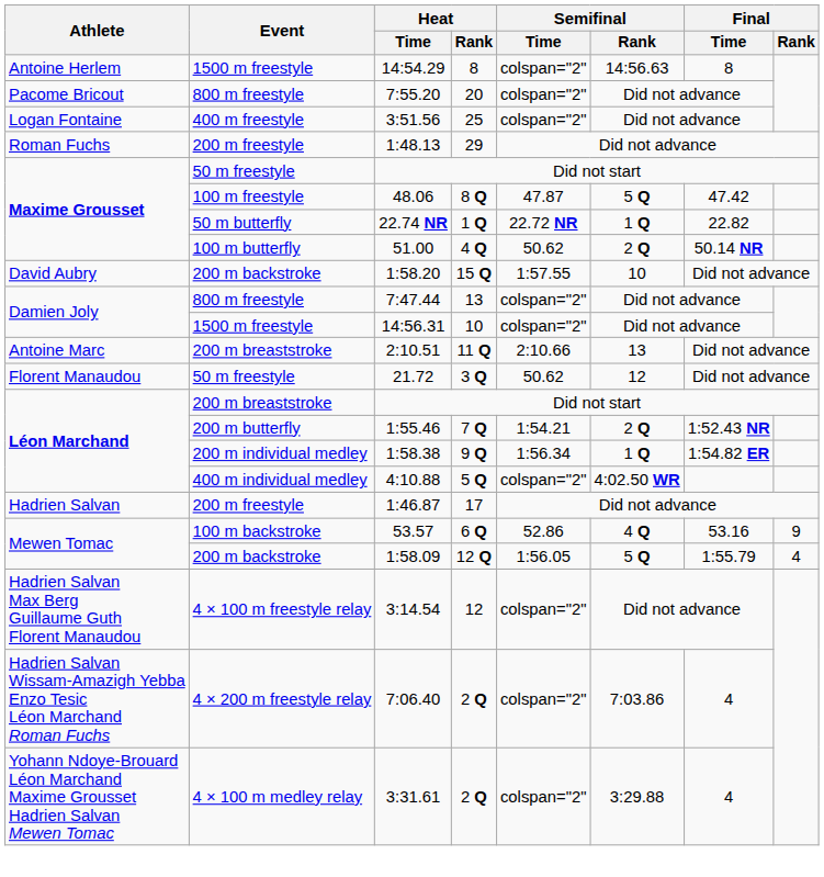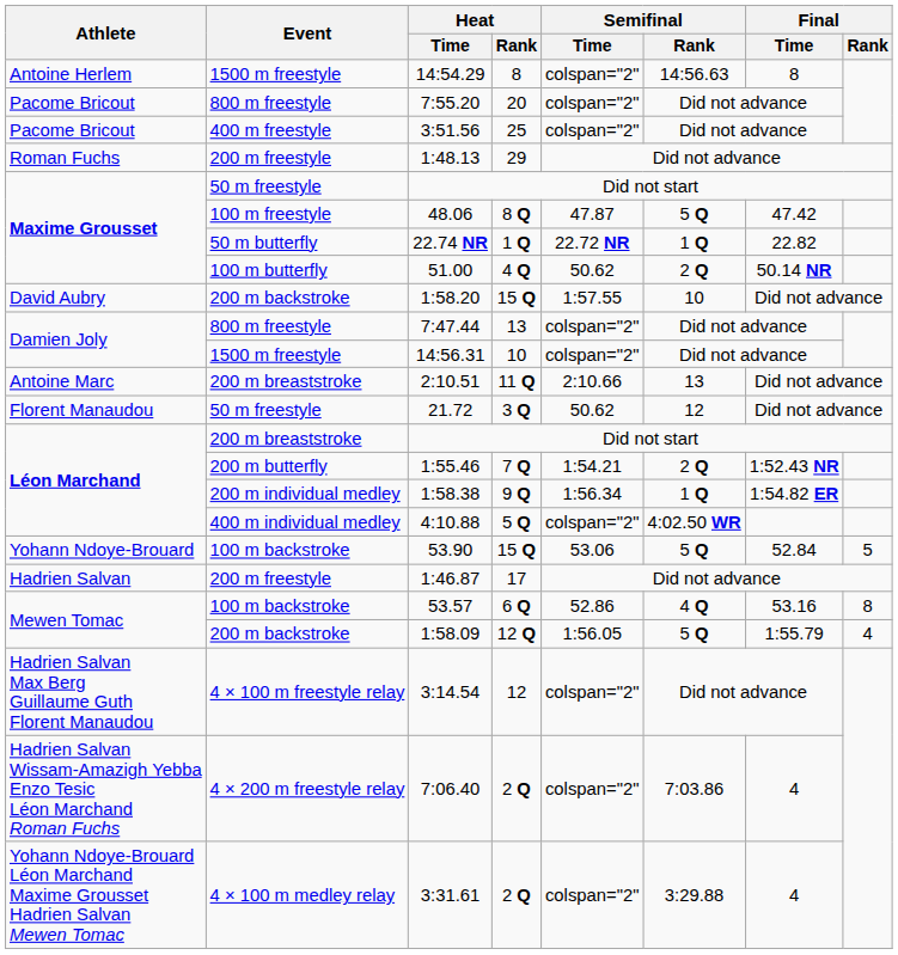 <table class="wikitable" style="text-align:center; font-size:90%;">
 <tr>
 <th rowspan="2">Athlete</th>
 <th rowspan="2">Event</th>
 <th colspan="2">Heat</th>
 <th colspan="2">Semifinal</th>
 <th colspan="2">Final</th>
 </tr>
 <tr style="font-size:95%">
 <th>Time</th>
 <th>Rank</th>
 <th>Time</th>
 <th>Rank</th>
 <th>Time</th>
 <th>Rank</th>
 </tr>
 <tr>
 <td align=left><a href='#'>Antoine Herlem</a></td>
 <td align=left><a href='#'>1500 m freestyle</a></td>
 <td>14:54.29</td>
 <td>8</td>
 <td>colspan="2" </td>
 <td>14:56.63</td>
 <td>8</td>
 </tr>
 <tr>
 <td align=left><a href='#'>Pacome Bricout</a></td>
 <td align=left><a href='#'>800 m freestyle</a></td>
 <td>7:55.20</td>
 <td>20</td>
 <td>colspan="2" </td>
 <td colspan="2">Did not advance</td>
 </tr>
 <tr>
-<td align=left><a href='#'>Logan Fontaine</a></td>
+<td align=left><a href='#'>Pacome Bricout</a></td>
 <td align=left><a href='#'>400 m freestyle</a></td>
 <td>3:51.56</td>
 <td>25</td>
 <td>colspan="2" </td>
 <td colspan="2">Did not advance</td>
 </tr>
 <tr>
 <td align=left><a href='#'>Roman Fuchs</a></td>
 <td align=left><a href='#'>200 m freestyle</a></td>
 <td>1:48.13</td>
 <td>29</td>
 <td colspan=4>Did not advance</td>
 </tr>
 <tr>
 <td align=left rowspan=4><strong><a href='#'>Maxime Grousset</a></strong></td>
 <td align=left><a href='#'>50 m freestyle</a></td>
 <td colspan="6">Did not start</td>
 </tr>
 <tr>
 <td align=left><a href='#'>100 m freestyle</a></td>
 <td>48.06</td>
 <td>8 <strong>Q</strong></td>
 <td>47.87</td>
 <td>5 <strong>Q</strong></td>
 <td>47.42</td>
 <td></td>
 </tr>
 <tr>
 <td align=left><a href='#'>50 m butterfly</a></td>
 <td>22.74 <strong><a href='#'>NR</a></strong></td>
 <td>1 <strong>Q</strong></td>
 <td>22.72 <strong><a href='#'>NR</a></strong></td>
 <td>1 <strong>Q</strong></td>
 <td>22.82</td>
 <td></td>
 </tr>
 <tr>
 <td align=left><a href='#'>100 m butterfly</a></td>
 <td>51.00</td>
 <td>4 <strong>Q</strong></td>
 <td>50.62</td>
 <td>2 <strong>Q</strong></td>
 <td>50.14 <strong><a href='#'>NR</a></strong></td>
 <td></td>
 </tr>
 <tr>
 <td align=left><a href='#'>David Aubry</a></td>
 <td align=left><a href='#'>200 m backstroke</a></td>
 <td>1:58.20</td>
 <td>15 <strong>Q</strong></td>
 <td>1:57.55</td>
 <td>10</td>
 <td colspan="2">Did not advance</td>
 </tr>
 <tr>
 <td align=left rowspan=2><a href='#'>Damien Joly</a></td>
 <td align=left><a href='#'>800 m freestyle</a></td>
 <td>7:47.44</td>
 <td>13</td>
 <td>colspan="2" </td>
 <td colspan="2">Did not advance</td>
 </tr>
 <tr>
 <td align=left><a href='#'>1500 m freestyle</a></td>
 <td>14:56.31</td>
 <td>10</td>
 <td>colspan="2" </td>
 <td colspan="2">Did not advance</td>
 </tr>
 <tr>
 <td align=left><a href='#'>Antoine Marc</a></td>
 <td align=left><a href='#'>200 m breaststroke</a></td>
 <td>2:10.51</td>
 <td>11 <strong>Q</strong></td>
 <td>2:10.66</td>
 <td>13</td>
 <td colspan="2">Did not advance</td>
 </tr>
 <tr>
 <td align=left><a href='#'>Florent Manaudou</a></td>
 <td align=left><a href='#'>50 m freestyle</a></td>
 <td>21.72</td>
 <td>3 <strong>Q</strong></td>
 <td>50.62</td>
 <td>12</td>
 <td colspan="2">Did not advance</td>
 </tr>
 <tr>
 <td align=left rowspan="4"><strong><a href='#'>Léon Marchand</a></strong></td>
 <td align=left><a href='#'>200 m breaststroke</a></td>
 <td colspan="6">Did not start</td>
 </tr>
 <tr>
 <td align=left><a href='#'>200 m butterfly</a></td>
 <td>1:55.46</td>
 <td>7 <strong>Q</strong></td>
 <td>1:54.21</td>
 <td>2 <strong>Q</strong></td>
 <td>1:52.43 <strong><a href='#'>NR</a></strong></td>
 <td></td>
 </tr>
 <tr>
 <td align=left><a href='#'>200 m individual medley</a></td>
 <td>1:58.38</td>
 <td>9 <strong>Q</strong></td>
 <td>1:56.34</td>
 <td>1 <strong>Q</strong></td>
 <td>1:54.82 <strong><a href='#'>ER</a></strong></td>
 <td></td>
 </tr>
 <tr>
 <td align=left><a href='#'>400 m individual medley</a></td>
 <td>4:10.88</td>
 <td>5 <strong>Q</strong></td>
 <td>colspan="2" </td>
 <td>4:02.50 <strong><a href='#'>WR</a></strong></td>
 <td></td>
 </tr>
 <tr>
+<td align=left><a href='#'>Yohann Ndoye-Brouard</a></td>
+<td align=left><a href='#'>100 m backstroke</a></td>
+<td>53.90</td>
+<td>15 <strong>Q</strong></td>
+<td>53.06</td>
+<td>5 <strong>Q</strong></td>
+<td>52.84</td>
+<td>5</td>
+</tr>
+<tr>
 <td align=left><a href='#'>Hadrien Salvan</a></td>
 <td align=left><a href='#'>200 m freestyle</a></td>
 <td>1:46.87</td>
 <td>17</td>
 <td colspan=4>Did not advance</td>
 </tr>
 <tr>
 <td align=left rowspan=2><a href='#'>Mewen Tomac</a></td>
 <td align=left><a href='#'>100 m backstroke</a></td>
 <td>53.57</td>
 <td>6 <strong>Q</strong></td>
 <td>52.86</td>
 <td>4 <strong>Q</strong></td>
 <td>53.16</td>
-<td>9</td>
+<td>8</td>
 </tr>
 <tr>
 <td align=left><a href='#'>200 m backstroke</a></td>
 <td>1:58.09</td>
 <td>12 <strong>Q</strong></td>
 <td>1:56.05</td>
 <td>5 <strong>Q</strong></td>
 <td>1:55.79</td>
 <td>4</td>
 </tr>
 <tr align=center>
 <td align=left><a href='#'>Hadrien Salvan</a> <br><a href='#'>Max Berg</a> <br><a href='#'>Guillaume Guth</a> <br><a href='#'>Florent Manaudou</a></td>
 <td align=left><a href='#'>4 × 100 m freestyle relay</a></td>
 <td>3:14.54</td>
 <td>12</td>
 <td>colspan="2" </td>
 <td colspan="2">Did not advance</td>
 </tr>
 <tr align=center>
 <td align=left><a href='#'>Hadrien Salvan</a> <br><a href='#'>Wissam-Amazigh Yebba</a> <br><a href='#'>Enzo Tesic</a><br><a href='#'>Léon Marchand</a><br><em><a href='#'>Roman Fuchs</a></em></td>
 <td align=left><a href='#'>4 × 200 m freestyle relay</a></td>
 <td>7:06.40</td>
 <td>2 <strong>Q</strong></td>
 <td>colspan="2" </td>
 <td>7:03.86</td>
 <td>4</td>
 </tr>
 <tr>
 <td align=left><a href='#'>Yohann Ndoye-Brouard</a><br><a href='#'>Léon Marchand</a><br><a href='#'>Maxime Grousset</a><br><a href='#'>Hadrien Salvan</a><br><em><a href='#'>Mewen Tomac</a></em></td>
 <td align=left><a href='#'>4 × 100 m medley relay</a></td>
 <td>3:31.61</td>
 <td>2 <strong>Q</strong></td>
 <td>colspan="2" </td>
 <td>3:29.88</td>
 <td>4</td>
 </tr>
 </table>
